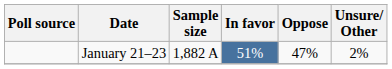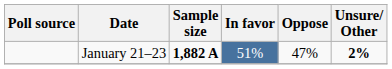 <table class="wikitable sortable collapsible" style="text-align:center;line-height:17px">
 <tr>
 <th>Poll source</th>
 <th>Date</th>
 <th>Sample<br>size</th>
 <th>In favor</th>
 <th>Oppose</th>
 <th>Unsure/<br>Other</th>
 </tr>
 <tr>
 <td></td>
 <td>January 21–23</td>
-<td>1,882 A</td>
+<td><strong>1,882 A</strong></td>
 <td style="background:#47729E; color: white">51%</td>
 <td>47%</td>
-<td>2%</td>
+<td><strong>2%</strong></td>
 </tr>
 <tr>
 </tr>
 </table>
